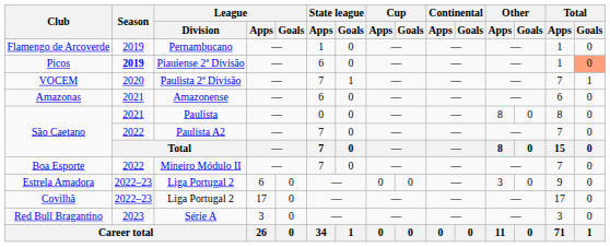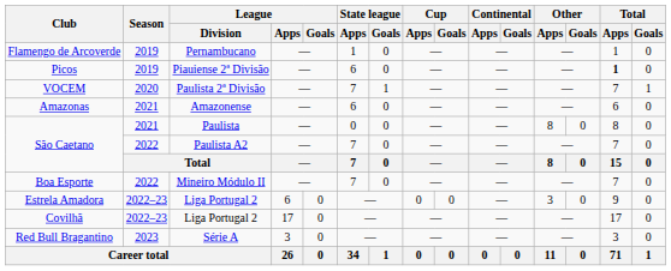 <table class="wikitable" style="text-align: center;">
 <tr>
 <th rowspan="2">Club</th>
 <th rowspan="2">Season</th>
 <th colspan="3">League</th>
 <th colspan="2">State league</th>
 <th colspan="2">Cup</th>
 <th colspan="2">Continental</th>
 <th colspan="2">Other</th>
 <th colspan="2">Total</th>
 </tr>
 <tr>
 <th>Division</th>
 <th>Apps</th>
 <th>Goals</th>
 <th>Apps</th>
 <th>Goals</th>
 <th>Apps</th>
 <th>Goals</th>
 <th>Apps</th>
 <th>Goals</th>
 <th>Apps</th>
 <th>Goals</th>
 <th>Apps</th>
 <th>Goals</th>
 </tr>
 <tr>
 <td valign="center"><a href='#'>Flamengo de Arcoverde</a></td>
 <td><a href='#'>2019</a></td>
 <td><a href='#'>Pernambucano</a></td>
 <td colspan="2">—</td>
 <td>1</td>
 <td>0</td>
 <td colspan="2">—</td>
 <td colspan="2">—</td>
 <td colspan="2">—</td>
 <td>1</td>
 <td>0</td>
 </tr>
 <tr>
 <td valign="center"><a href='#'>Picos</a></td>
-<td><strong><a href='#'>2019</a></strong></td>
+<td><a href='#'>2019</a></td>
 <td><a href='#'>Piauiense 2ª Divisão</a></td>
 <td colspan="2">—</td>
 <td>6</td>
 <td>0</td>
 <td colspan="2">—</td>
 <td colspan="2">—</td>
 <td colspan="2">—</td>
-<td>1</td>
-<td style="background: lightsalmon;">0</td>
+<td><strong>1</strong></td>
+<td>0</td>
 </tr>
 <tr>
 <td valign="center"><a href='#'>VOCEM</a></td>
 <td><a href='#'>2020</a></td>
 <td><a href='#'>Paulista 2ª Divisão</a></td>
 <td colspan="2">—</td>
 <td>7</td>
 <td>1</td>
 <td colspan="2">—</td>
 <td colspan="2">—</td>
 <td colspan="2">—</td>
 <td>7</td>
 <td>1</td>
 </tr>
 <tr>
 <td valign="center"><a href='#'>Amazonas</a></td>
 <td><a href='#'>2021</a></td>
 <td><a href='#'>Amazonense</a></td>
 <td colspan="2">—</td>
 <td>6</td>
 <td>0</td>
 <td colspan="2">—</td>
 <td colspan="2">—</td>
 <td colspan="2">—</td>
 <td>6</td>
 <td>0</td>
 </tr>
 <tr>
 <td rowspan="3" valign="center"><a href='#'>São Caetano</a></td>
 <td><a href='#'>2021</a></td>
 <td><a href='#'>Paulista</a></td>
 <td colspan="2">—</td>
 <td>0</td>
 <td>0</td>
 <td colspan="2">—</td>
 <td colspan="2">—</td>
 <td>8</td>
 <td>0</td>
 <td>8</td>
 <td>0</td>
 </tr>
 <tr>
 <td><a href='#'>2022</a></td>
 <td><a href='#'>Paulista A2</a></td>
 <td colspan="2">—</td>
 <td>7</td>
 <td>0</td>
 <td colspan="2">—</td>
 <td colspan="2">—</td>
 <td colspan="2">—</td>
 <td>7</td>
 <td>0</td>
 </tr>
 <tr>
 <th colspan="2">Total</th>
 <th colspan="2">—</th>
 <th>7</th>
 <th>0</th>
 <th colspan="2">—</th>
 <th colspan="2">—</th>
 <th>8</th>
 <th>0</th>
 <th>15</th>
 <th>0</th>
 </tr>
 <tr>
 <td valign="center"><a href='#'>Boa Esporte</a></td>
 <td><a href='#'>2022</a></td>
 <td><a href='#'>Mineiro Módulo II</a></td>
 <td colspan="2">—</td>
 <td>7</td>
 <td>0</td>
 <td colspan="2">—</td>
 <td colspan="2">—</td>
 <td colspan="2">—</td>
 <td>7</td>
 <td>0</td>
 </tr>
 <tr>
 <td valign="center"><a href='#'>Estrela Amadora</a></td>
 <td><a href='#'>2022–23</a></td>
 <td><a href='#'>Liga Portugal 2</a></td>
 <td>6</td>
 <td>0</td>
 <td colspan="2">—</td>
 <td>0</td>
 <td>0</td>
 <td colspan="2">—</td>
 <td>3</td>
 <td>0</td>
 <td>9</td>
 <td>0</td>
 </tr>
 <tr>
 <td valign="center"><a href='#'>Covilhã</a></td>
 <td><a href='#'>2022–23</a></td>
 <td>Liga Portugal 2</td>
 <td>17</td>
 <td>0</td>
 <td colspan="2">—</td>
 <td colspan="2">—</td>
 <td colspan="2">—</td>
 <td colspan="2">—</td>
 <td>17</td>
 <td>0</td>
 </tr>
 <tr>
 <td valign="center"><a href='#'>Red Bull Bragantino</a></td>
 <td><a href='#'>2023</a></td>
 <td><a href='#'>Série A</a></td>
 <td>3</td>
 <td>0</td>
 <td colspan="2">—</td>
 <td colspan="2">—</td>
 <td colspan="2">—</td>
 <td colspan="2">—</td>
 <td>3</td>
 <td>0</td>
 </tr>
 <tr>
 <th colspan="3"><strong>Career total</strong></th>
 <th>26</th>
 <th>0</th>
 <th>34</th>
 <th>1</th>
 <th>0</th>
 <th>0</th>
 <th>0</th>
 <th>0</th>
 <th>11</th>
 <th>0</th>
 <th>71</th>
 <th>1</th>
 </tr>
 </table>
